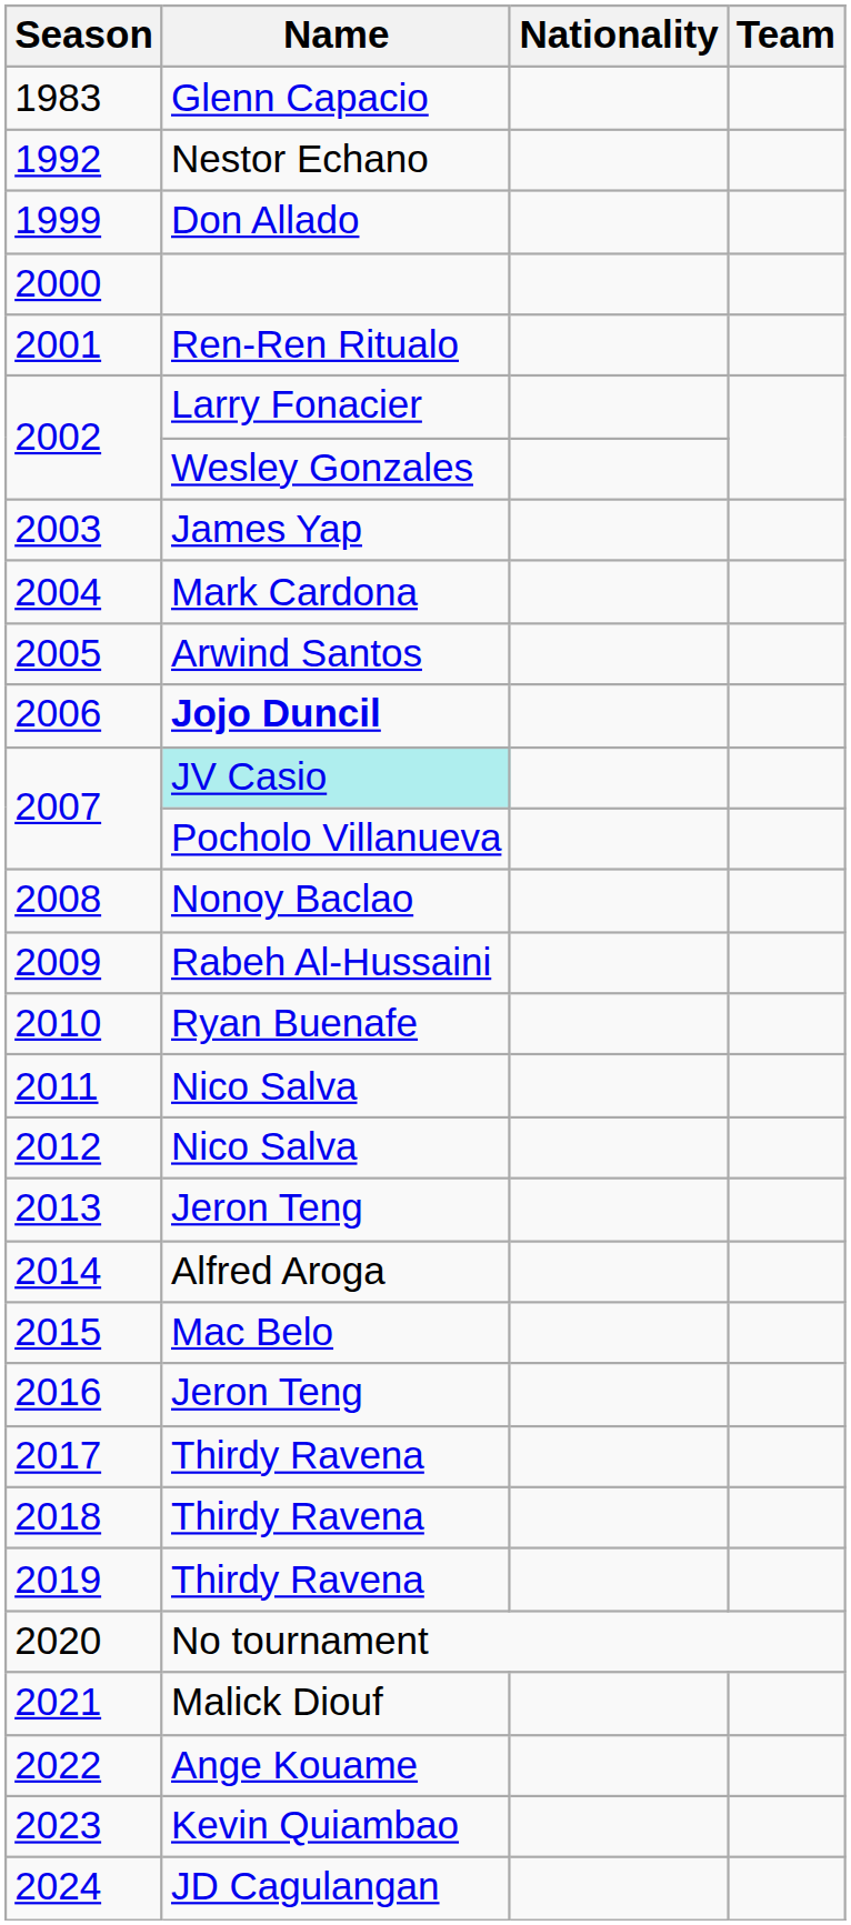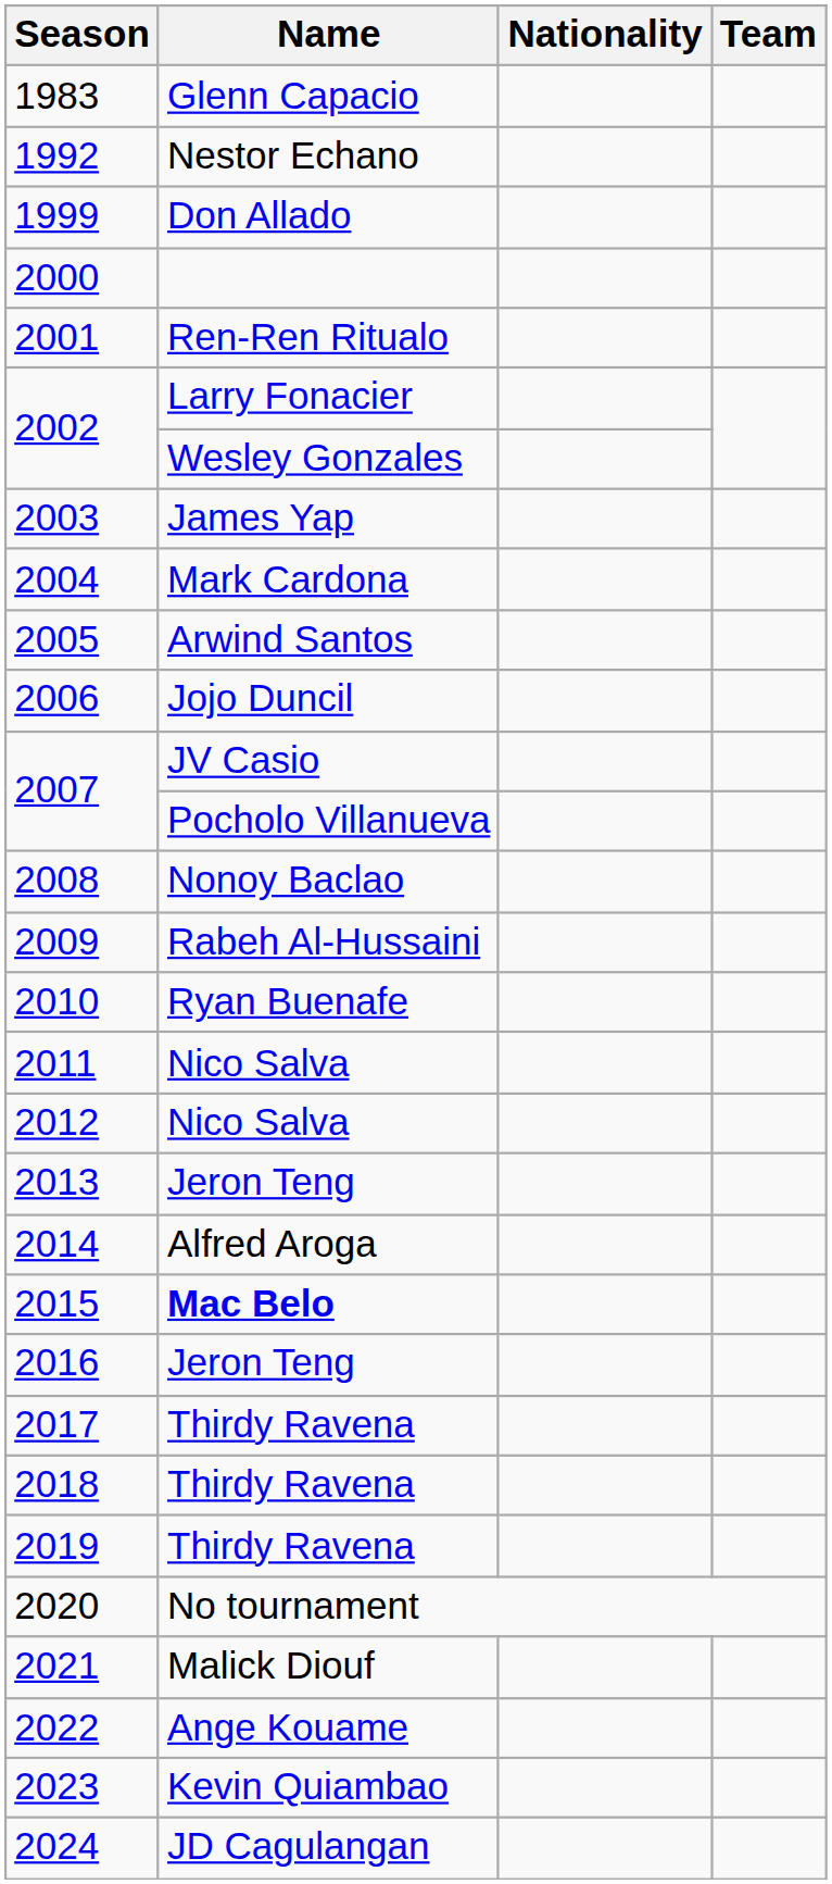 <table class="wikitable">
 <tr>
 <th>Season</th>
 <th>Name</th>
 <th>Nationality</th>
 <th>Team</th>
 </tr>
 <tr>
 <td>1983</td>
 <td><a href='#'>Glenn Capacio</a></td>
 <td></td>
 <td></td>
 </tr>
 <tr>
 <td><a href='#'>1992</a></td>
 <td>Nestor Echano</td>
 <td></td>
 <td></td>
 </tr>
 <tr>
 <td><a href='#'>1999</a></td>
 <td><a href='#'>Don Allado</a></td>
 <td></td>
 <td></td>
 </tr>
 <tr>
 <td><a href='#'>2000</a></td>
 <td></td>
 <td></td>
 <td></td>
 </tr>
 <tr>
 <td><a href='#'>2001</a></td>
 <td><a href='#'>Ren-Ren Ritualo</a></td>
 <td></td>
 <td></td>
 </tr>
 <tr>
 <td rowspan="2"><a href='#'>2002</a></td>
 <td><a href='#'>Larry Fonacier</a></td>
 <td></td>
 <td rowspan="2"></td>
 </tr>
 <tr>
 <td><a href='#'>Wesley Gonzales</a></td>
 <td></td>
 </tr>
 <tr>
 <td><a href='#'>2003</a></td>
 <td><a href='#'>James Yap</a></td>
 <td></td>
 <td></td>
 </tr>
 <tr>
 <td><a href='#'>2004</a></td>
 <td><a href='#'>Mark Cardona</a></td>
 <td></td>
 <td></td>
 </tr>
 <tr>
 <td><a href='#'>2005</a></td>
 <td><a href='#'>Arwind Santos</a></td>
 <td></td>
 <td></td>
 </tr>
 <tr>
 <td><a href='#'>2006</a></td>
-<td><strong><a href='#'>Jojo Duncil</a></strong></td>
+<td><a href='#'>Jojo Duncil</a></td>
 <td></td>
 <td></td>
 </tr>
 <tr>
 <td rowspan="2"><a href='#'>2007</a></td>
-<td style="background: paleturquoise;"><a href='#'>JV Casio</a></td>
+<td><a href='#'>JV Casio</a></td>
 <td></td>
 <td></td>
 </tr>
 <tr>
 <td><a href='#'>Pocholo Villanueva</a></td>
 <td></td>
 <td></td>
 </tr>
 <tr>
 <td><a href='#'>2008</a></td>
 <td><a href='#'>Nonoy Baclao</a></td>
 <td></td>
 <td></td>
 </tr>
 <tr>
 <td><a href='#'>2009</a></td>
 <td><a href='#'>Rabeh Al-Hussaini</a></td>
 <td></td>
 <td></td>
 </tr>
 <tr>
 <td><a href='#'>2010</a></td>
 <td><a href='#'>Ryan Buenafe</a></td>
 <td></td>
 <td></td>
 </tr>
 <tr>
 <td><a href='#'>2011</a></td>
 <td><a href='#'>Nico Salva</a></td>
 <td></td>
 <td></td>
 </tr>
 <tr>
 <td><a href='#'>2012</a></td>
 <td><a href='#'>Nico Salva</a></td>
 <td></td>
 <td></td>
 </tr>
 <tr>
 <td><a href='#'>2013</a></td>
 <td><a href='#'>Jeron Teng</a></td>
 <td></td>
 <td></td>
 </tr>
 <tr>
 <td><a href='#'>2014</a></td>
 <td>Alfred Aroga</td>
 <td></td>
 <td></td>
 </tr>
 <tr>
 <td><a href='#'>2015</a></td>
-<td><a href='#'>Mac Belo</a></td>
+<td><strong><a href='#'>Mac Belo</a></strong></td>
 <td></td>
 <td></td>
 </tr>
 <tr>
 <td><a href='#'>2016</a></td>
 <td><a href='#'>Jeron Teng</a></td>
 <td></td>
 <td></td>
 </tr>
 <tr>
 <td><a href='#'>2017</a></td>
 <td><a href='#'>Thirdy Ravena</a></td>
 <td></td>
 <td></td>
 </tr>
 <tr>
 <td><a href='#'>2018</a></td>
 <td><a href='#'>Thirdy Ravena</a></td>
 <td></td>
 <td></td>
 </tr>
 <tr>
 <td><a href='#'>2019</a></td>
 <td><a href='#'>Thirdy Ravena</a></td>
 <td></td>
 <td></td>
 </tr>
 <tr>
 <td>2020</td>
 <td colspan="3">No tournament</td>
 </tr>
 <tr>
 <td><a href='#'>2021</a></td>
 <td>Malick Diouf</td>
 <td></td>
 <td></td>
 </tr>
 <tr>
 <td><a href='#'>2022</a></td>
 <td><a href='#'>Ange Kouame</a></td>
 <td></td>
 <td></td>
 </tr>
 <tr>
 <td><a href='#'>2023</a></td>
 <td><a href='#'>Kevin Quiambao</a></td>
 <td></td>
 <td></td>
 </tr>
 <tr>
 <td><a href='#'>2024</a></td>
 <td><a href='#'>JD Cagulangan</a></td>
 <td></td>
 <td></td>
 </tr>
 </table>
